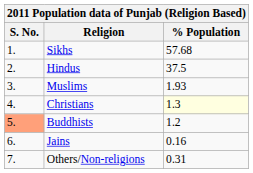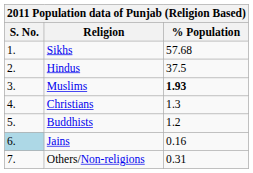 <table class="wikitable">
 <tr>
 <th colspan="3">2011 Population data of Punjab (Religion Based)</th>
 </tr>
 <tr>
 <th>S. No.</th>
 <th>Religion</th>
 <th>% Population</th>
 </tr>
 <tr>
 <td>1.</td>
 <td><a href='#'>Sikhs</a></td>
 <td>57.68</td>
 </tr>
 <tr>
 <td>2.</td>
 <td><a href='#'>Hindus</a></td>
 <td>37.5</td>
 </tr>
 <tr>
 <td>3.</td>
 <td><a href='#'>Muslims</a></td>
-<td>1.93</td>
+<td><strong>1.93</strong></td>
 </tr>
 <tr>
 <td>4.</td>
 <td><a href='#'>Christians</a></td>
-<td style="background: lightyellow;">1.3</td>
+<td>1.3</td>
 </tr>
 <tr>
-<td style="background: lightsalmon;">5.</td>
+<td>5.</td>
 <td><a href='#'>Buddhists</a></td>
 <td>1.2</td>
 </tr>
 <tr>
-<td>6.</td>
+<td style="background: lightblue;">6.</td>
 <td><a href='#'>Jains</a></td>
 <td>0.16</td>
 </tr>
 <tr>
 <td>7.</td>
 <td>Others/<a href='#'>Non-religions</a></td>
 <td>0.31</td>
 </tr>
 </table>
